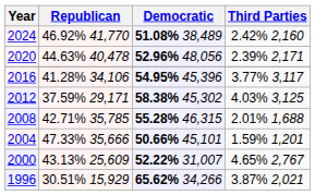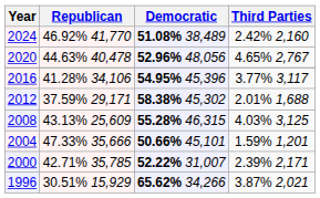 <table class="wikitable" style="float:right; font-size:95%;">
 <tr bgcolor=lightgrey>
 <th>Year</th>
 <th><a href='#'>Republican</a></th>
 <th><a href='#'>Democratic</a></th>
 <th><a href='#'>Third Parties</a></th>
 </tr>
 <tr>
 <td align="center" bgcolor="#fff3f3"><a href='#'>2024</a></td>
 <td align="center" bgcolor="#fff3f3">46.92% <em>41,770</em></td>
 <td align="center" bgcolor="#f0f0ff"><strong>51.08%</strong> <em>38,489</em></td>
 <td align="center">2.42% <em>2,160</em></td>
 </tr>
 <tr>
 <td align="center" bgcolor="#fff3f3"><a href='#'>2020</a></td>
 <td align="center" bgcolor="#fff3f3">44.63% <em>40,478</em></td>
 <td align="center" bgcolor="f0f0ff "><strong>52.96%</strong> <em>48,056</em></td>
-<td align="center">2.39% <em>2,171</em></td>
+<td align="center">4.65% <em>2,767</em></td>
 </tr>
 <tr>
 </tr>
 <tr>
 <td align="center" bgcolor="#fff3f3"><a href='#'>2016</a></td>
 <td align="center" bgcolor="#fff3f3">41.28% <em>34,106</em></td>
 <td align="center" bgcolor="f0f0ff "><strong>54.95%</strong> <em>45,396</em></td>
 <td align="center">3.77% <em>3,117</em></td>
 </tr>
 <tr>
 <td align="center" bgcolor="#f0f0ff"><a href='#'>2012</a></td>
 <td align="center" bgcolor="#fff3f3">37.59% <em>29,171</em></td>
 <td align="center" bgcolor="f0f0ff "><strong>58.38%</strong> <em>45,302</em></td>
-<td align="center">4.03% <em>3,125</em></td>
+<td align="center">2.01% <em>1,688</em></td>
 </tr>
 <tr>
 <td align="center" bgcolor="#f0f0ff"><a href='#'>2008</a></td>
-<td align="center" bgcolor="#fff3f3">42.71% <em>35,785</em></td>
+<td align="center" bgcolor="#fff3f3">43.13% <em>25,609</em></td>
 <td align="center" bgcolor="#f0f0ff"><strong>55.28%</strong> <em>46,315</em></td>
-<td align="center">2.01% <em>1,688</em></td>
+<td align="center">4.03% <em>3,125</em></td>
 </tr>
 <tr>
 <td align="center" bgcolor="#fff3f3"><a href='#'>2004</a></td>
 <td align="center" bgcolor="#fff3f3">47.33% <em>35,666</em></td>
 <td align="center" bgcolor="#f0f0ff"><strong>50.66%</strong> <em>45,101</em></td>
 <td align="center">1.59% <em>1,201</em></td>
 </tr>
 <tr>
 <td align="center" bgcolor="#f0f0ff"><a href='#'>2000</a></td>
-<td align="center" bgcolor="#fff3f3">43.13% <em>25,609</em></td>
+<td align="center" bgcolor="#fff3f3">42.71% <em>35,785</em></td>
 <td align="center" bgcolor="#f0f0ff"><strong>52.22%</strong> <em>31,007</em></td>
-<td align="center">4.65% <em>2,767</em></td>
+<td align="center">2.39% <em>2,171</em></td>
 </tr>
 <tr>
 <td align="center" bgcolor="#f0f0ff"><a href='#'>1996</a></td>
 <td align="center" bgcolor="#fff3f3">30.51% <em>15,929</em></td>
 <td align="center" bgcolor="#f0f0ff"><strong>65.62%</strong> <em>34,266</em></td>
 <td align="center">3.87% <em>2,021</em></td>
 </tr>
 </table>
